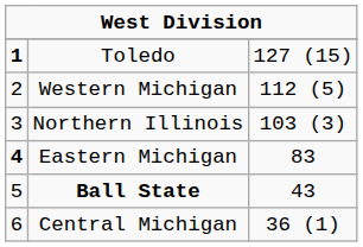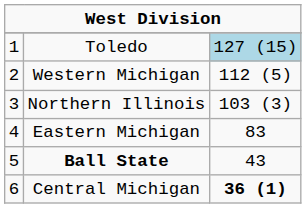 <table class="wikitable">
 <tr align="center">
 <td align="center" Colspan="3"><strong>West Division</strong></td>
 </tr>
 <tr align="center">
 </tr>
 <tr align="center">
-<td><strong>1</strong></td>
+<td>1</td>
 <td>Toledo</td>
-<td>127 (15)</td>
+<td style="background: lightblue;">127 (15)</td>
 </tr>
 <tr align="center">
 <td>2</td>
 <td>Western Michigan</td>
 <td>112 (5)</td>
 </tr>
 <tr align="center">
 <td>3</td>
 <td>Northern Illinois</td>
 <td>103 (3)</td>
 </tr>
 <tr align="center">
-<td><strong>4</strong></td>
+<td>4</td>
 <td>Eastern Michigan</td>
 <td>83</td>
 </tr>
 <tr align="center">
 <td>5</td>
 <td><strong>Ball State</strong></td>
 <td>43</td>
 </tr>
 <tr align="center">
 <td>6</td>
 <td>Central Michigan</td>
-<td>36 (1)</td>
+<td><strong>36 (1)</strong></td>
 </tr>
 </table>
